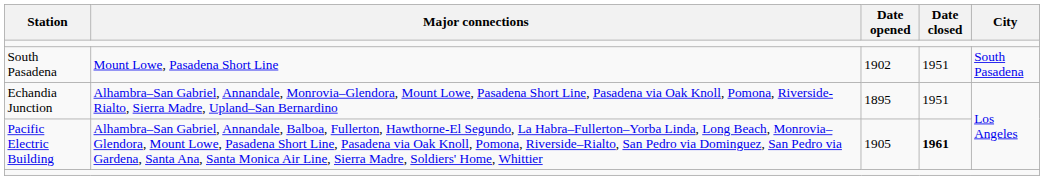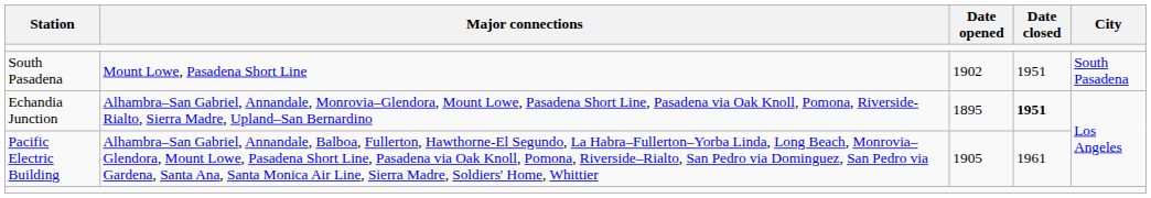 <table class="wikitable">
 <tr>
 <th>Station</th>
 <th>Major connections</th>
 <th>Date opened</th>
 <th>Date closed</th>
 <th>City</th>
 </tr>
 <tr>
 <td colspan = "5"></td>
 </tr>
 <tr>
 <td>South Pasadena</td>
 <td><a href='#'>Mount Lowe</a>, <a href='#'>Pasadena Short Line</a></td>
 <td>1902</td>
 <td>1951</td>
 <td rowspan=1><a href='#'>South Pasadena</a></td>
 </tr>
 <tr>
 <td>Echandia Junction</td>
 <td><a href='#'>Alhambra–San Gabriel</a>, <a href='#'>Annandale</a>, <a href='#'>Monrovia–Glendora</a>, <a href='#'>Mount Lowe</a>, <a href='#'>Pasadena Short Line</a>, <a href='#'>Pasadena via Oak Knoll</a>, <a href='#'>Pomona</a>, <a href='#'>Riverside-Rialto</a>, <a href='#'>Sierra Madre</a>, <a href='#'>Upland–San Bernardino</a></td>
 <td>1895</td>
-<td>1951</td>
+<td><strong>1951</strong></td>
 <td rowspan=2><a href='#'>Los Angeles</a></td>
 </tr>
 <tr>
 <td><a href='#'>Pacific Electric Building</a></td>
 <td><a href='#'>Alhambra–San Gabriel</a>, <a href='#'>Annandale</a>, <a href='#'>Balboa</a>, <a href='#'>Fullerton</a>, <a href='#'>Hawthorne-El Segundo</a>, <a href='#'>La Habra–Fullerton–Yorba Linda</a>, <a href='#'>Long Beach</a>, <a href='#'>Monrovia–Glendora</a>, <a href='#'>Mount Lowe</a>, <a href='#'>Pasadena Short Line</a>, <a href='#'>Pasadena via Oak Knoll</a>, <a href='#'>Pomona</a>, <a href='#'>Riverside–Rialto</a>, <a href='#'>San Pedro via Dominguez</a>, <a href='#'>San Pedro via Gardena</a>, <a href='#'>Santa Ana</a>, <a href='#'>Santa Monica Air Line</a>, <a href='#'>Sierra Madre</a>, <a href='#'>Soldiers' Home</a>, <a href='#'>Whittier</a></td>
 <td>1905</td>
-<td><strong>1961</strong></td>
+<td>1961</td>
 </tr>
 <tr>
 <td colspan = "5"></td>
 </tr>
 </table>
